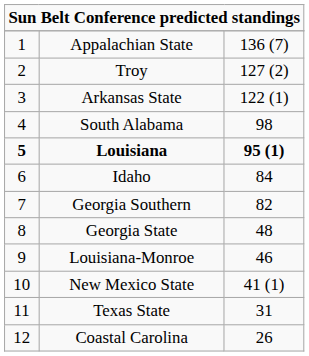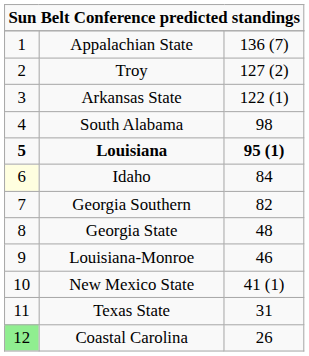 <table class= "wikitable">
 <tr align="center">
 <td align="center" Colspan="3"><strong>Sun Belt Conference predicted standings</strong></td>
 </tr>
 <tr align="center">
 </tr>
 <tr align="center">
 <td>1</td>
 <td>Appalachian State</td>
 <td>136 (7)</td>
 </tr>
 <tr align="center">
 <td>2</td>
 <td>Troy</td>
 <td>127 (2)</td>
 </tr>
 <tr align="center">
 <td>3</td>
 <td>Arkansas State</td>
 <td>122 (1)</td>
 </tr>
 <tr align="center">
 <td>4</td>
 <td>South Alabama</td>
 <td>98</td>
 </tr>
 <tr align="center">
 <td><strong>5</strong></td>
 <td><strong>Louisiana</strong></td>
 <td><strong>95 (1)</strong></td>
 </tr>
 <tr align="center">
-<td>6</td>
+<td style="background: lightyellow;">6</td>
 <td>Idaho</td>
 <td>84</td>
 </tr>
 <tr align="center">
 <td>7</td>
 <td>Georgia Southern</td>
 <td>82</td>
 </tr>
 <tr align="center">
 <td>8</td>
 <td>Georgia State</td>
 <td>48</td>
 </tr>
 <tr align="center">
 <td>9</td>
 <td>Louisiana-Monroe</td>
 <td>46</td>
 </tr>
 <tr align="center">
 <td>10</td>
 <td>New Mexico State</td>
 <td>41 (1)</td>
 </tr>
 <tr align="center">
 <td>11</td>
 <td>Texas State</td>
 <td>31</td>
 </tr>
 <tr align="center">
-<td>12</td>
+<td style="background: lightgreen;">12</td>
 <td>Coastal Carolina</td>
 <td>26</td>
 </tr>
 </table>
